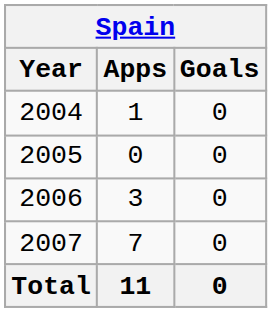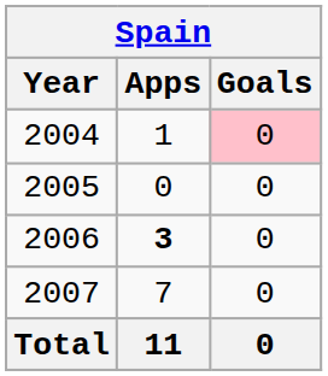 <table class="wikitable" style="text-align:center">
 <tr>
 <th colspan="3"><strong><a href='#'>Spain</a></strong></th>
 </tr>
 <tr>
 <th>Year</th>
 <th>Apps</th>
 <th>Goals</th>
 </tr>
 <tr>
 <td>2004</td>
 <td>1</td>
-<td>0</td>
+<td style="background: pink;">0</td>
 </tr>
 <tr>
 <td>2005</td>
 <td>0</td>
 <td>0</td>
 </tr>
 <tr>
 <td>2006</td>
-<td>3</td>
+<td><strong>3</strong></td>
 <td>0</td>
 </tr>
 <tr>
 <td>2007</td>
 <td>7</td>
 <td>0</td>
 </tr>
 <tr>
 <th>Total</th>
 <th>11</th>
 <th>0</th>
 </tr>
 </table>
